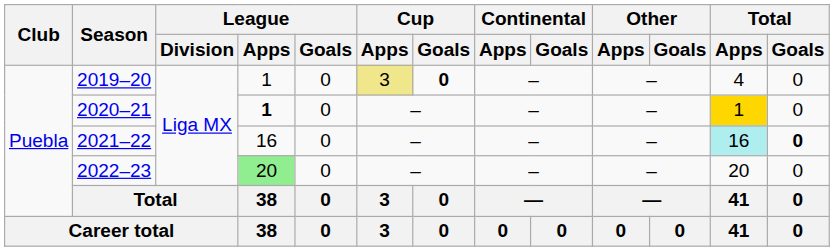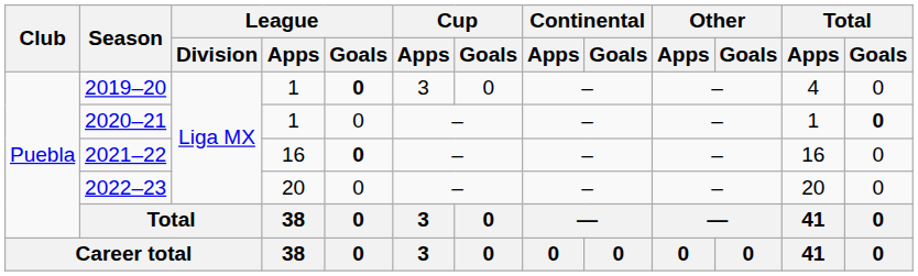 <table class="wikitable" style="text-align: center">
 <tr>
 <th rowspan="2">Club</th>
 <th rowspan="2">Season</th>
 <th colspan="3">League</th>
 <th colspan="2">Cup</th>
 <th colspan="2">Continental</th>
 <th colspan="2">Other</th>
 <th colspan="2">Total</th>
 </tr>
 <tr>
 <th>Division</th>
 <th>Apps</th>
 <th>Goals</th>
 <th>Apps</th>
 <th>Goals</th>
 <th>Apps</th>
 <th>Goals</th>
 <th>Apps</th>
 <th>Goals</th>
 <th>Apps</th>
 <th>Goals</th>
 </tr>
 <tr>
 <td rowspan="5"><a href='#'>Puebla</a></td>
 <td><a href='#'>2019–20</a></td>
 <td rowspan="4"><a href='#'>Liga MX</a></td>
 <td>1</td>
+<td><strong>0</strong></td>
+<td>3</td>
 <td>0</td>
-<td style="background: khaki;">3</td>
-<td><strong>0</strong></td>
 <td colspan="2">–</td>
 <td colspan="2">–</td>
 <td>4</td>
 <td>0</td>
 </tr>
 <tr>
 <td><a href='#'>2020–21</a></td>
-<td><strong>1</strong></td>
+<td>1</td>
 <td>0</td>
 <td colspan="2">–</td>
 <td colspan="2">–</td>
 <td colspan="2">–</td>
-<td style="background: gold;">1</td>
-<td>0</td>
+<td>1</td>
+<td><strong>0</strong></td>
 </tr>
 <tr>
 <td><a href='#'>2021–22</a></td>
 <td>16</td>
-<td>0</td>
+<td><strong>0</strong></td>
 <td colspan="2">–</td>
 <td colspan="2">–</td>
 <td colspan="2">–</td>
-<td style="background: paleturquoise;">16</td>
-<td><strong>0</strong></td>
+<td>16</td>
+<td>0</td>
 </tr>
 <tr>
 <td><a href='#'>2022–23</a></td>
-<td style="background: lightgreen;">20</td>
+<td>20</td>
 <td>0</td>
 <td colspan="2">–</td>
 <td colspan="2">–</td>
 <td colspan="2">–</td>
 <td>20</td>
 <td>0</td>
 </tr>
 <tr>
 <th colspan="2">Total</th>
 <th>38</th>
 <th>0</th>
 <th>3</th>
 <th>0</th>
 <th colspan="2">—</th>
 <th colspan="2">—</th>
 <th>41</th>
 <th>0</th>
 </tr>
 <tr>
 <th colspan=3>Career total</th>
 <th>38</th>
 <th>0</th>
 <th>3</th>
 <th>0</th>
 <th>0</th>
 <th>0</th>
 <th>0</th>
 <th>0</th>
 <th>41</th>
 <th>0</th>
 </tr>
 </table>
